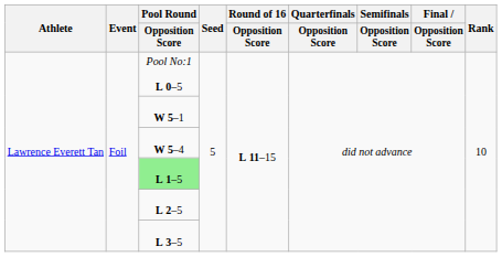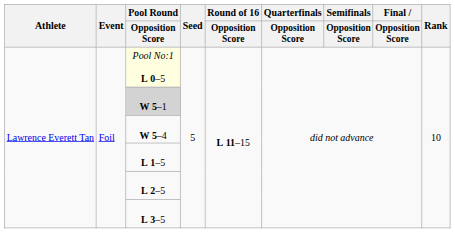 <table class=wikitable style="font-size:90%">
 <tr>
 <th rowspan="2">Athlete</th>
 <th rowspan="2">Event</th>
 <th>Pool Round</th>
 <th rowspan="2">Seed</th>
 <th>Round of 16</th>
 <th>Quarterfinals</th>
 <th>Semifinals</th>
 <th>Final / </th>
 <th rowspan=2>Rank</th>
 </tr>
 <tr style="font-size:95%">
 <th>Opposition<br>Score</th>
 <th>Opposition<br>Score</th>
 <th>Opposition<br>Score</th>
 <th>Opposition<br>Score</th>
 <th>Opposition<br>Score</th>
 </tr>
 <tr align=center>
 <td align=left rowspan=6><a href='#'>Lawrence Everett Tan</a></td>
 <td align=left rowspan=6><a href='#'>Foil</a></td>
-<td><em>Pool No:1</em><br><small>  </small><br> <strong>L</strong> <strong>0</strong>–5</td>
+<td style="background: lightyellow;"><em>Pool No:1</em><br><small>  </small><br> <strong>L</strong> <strong>0</strong>–5</td>
 <td rowspan=6>5</td>
 <td rowspan=6><small>  </small><br> <strong>L</strong> <strong>11</strong>–15</td>
 <td rowspan=6 colspan=3><em>did not advance</em></td>
 <td rowspan=6>10</td>
 </tr>
 <tr>
-<td align=center><small>  </small><br> <strong>W</strong> <strong>5</strong>–1</td>
+<td align=center style="background: lightgrey;"><small>  </small><br> <strong>W</strong> <strong>5</strong>–1</td>
 </tr>
 <tr>
 <td align=center><small>  </small><br> <strong>W</strong> <strong>5</strong>–4</td>
 </tr>
 <tr>
-<td align=center style="background: lightgreen;"><small>  </small><br> <strong>L</strong> <strong>1</strong>–5</td>
+<td align=center><small>  </small><br> <strong>L</strong> <strong>1</strong>–5</td>
 </tr>
 <tr>
 <td align=center><small>  </small><br> <strong>L</strong> <strong>2</strong>–5</td>
 </tr>
 <tr>
 <td align=center><small>  </small><br> <strong>L</strong> <strong>3</strong>–5</td>
 </tr>
 </table>
